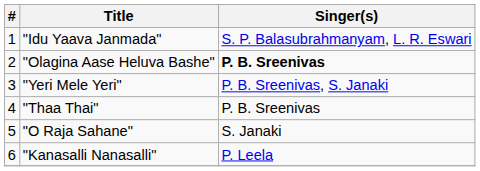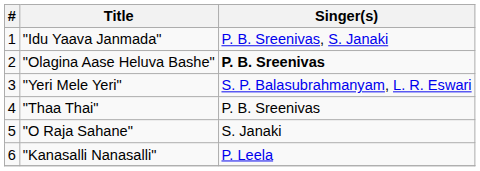 <table class="wikitable" style="font-size:95%;">
 <tr>
 <th>#</th>
 <th>Title</th>
 <th>Singer(s)</th>
 </tr>
 <tr>
 <td>1</td>
 <td>"Idu Yaava Janmada"</td>
-<td><a href='#'>S. P. Balasubrahmanyam</a>, <a href='#'>L. R. Eswari</a></td>
+<td><a href='#'>P. B. Sreenivas</a>, <a href='#'>S. Janaki</a></td>
 </tr>
 <tr>
 <td>2</td>
 <td>"Olagina Aase Heluva Bashe"</td>
 <td><strong>P. B. Sreenivas</strong></td>
 </tr>
 <tr>
 <td>3</td>
 <td>"Yeri Mele Yeri"</td>
-<td><a href='#'>P. B. Sreenivas</a>, <a href='#'>S. Janaki</a></td>
+<td><a href='#'>S. P. Balasubrahmanyam</a>, <a href='#'>L. R. Eswari</a></td>
 </tr>
 <tr>
 <td>4</td>
 <td>"Thaa Thai"</td>
 <td>P. B. Sreenivas</td>
 </tr>
 <tr>
 <td>5</td>
 <td>"O Raja Sahane"</td>
 <td>S. Janaki</td>
 </tr>
 <tr>
 <td>6</td>
 <td>"Kanasalli Nanasalli"</td>
 <td><a href='#'>P. Leela</a></td>
 </tr>
 <tr>
 </tr>
 </table>
